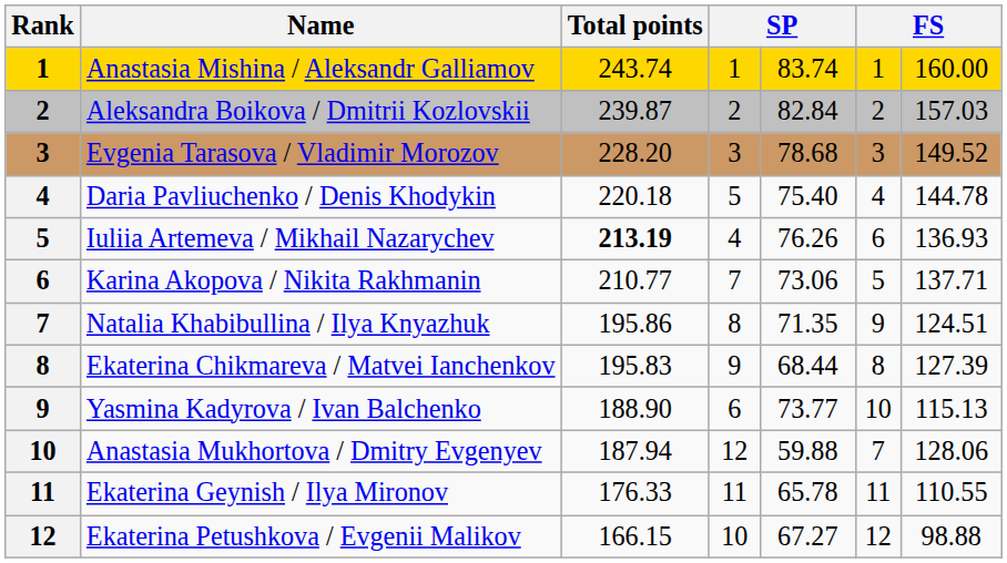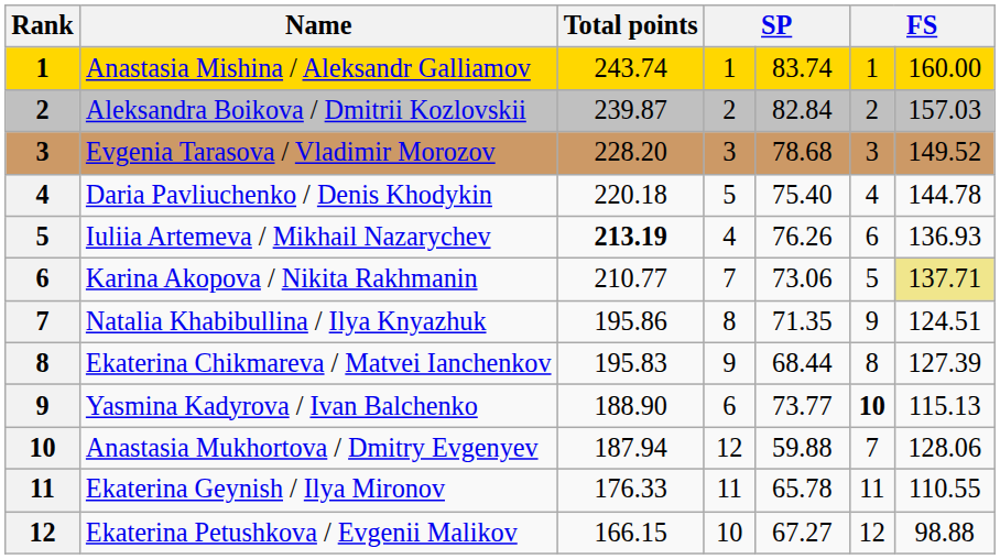 <table class="wikitable sortable">
 <tr>
 <th>Rank</th>
 <th>Name</th>
 <th>Total points</th>
 <th colspan="2" width="80px"><a href='#'>SP</a></th>
 <th colspan="2" width="80px"><a href='#'>FS</a></th>
 </tr>
 <tr bgcolor="gold">
 <td align="center"><strong>1</strong></td>
 <td><a href='#'>Anastasia Mishina</a> / <a href='#'>Aleksandr Galliamov</a></td>
 <td align="center">243.74</td>
 <td align="center">1</td>
 <td align="center">83.74</td>
 <td align="center">1</td>
 <td align="center">160.00</td>
 </tr>
 <tr bgcolor="silver">
 <td align="center"><strong>2</strong></td>
 <td><a href='#'>Aleksandra Boikova</a> / <a href='#'>Dmitrii Kozlovskii</a></td>
 <td align="center">239.87</td>
 <td align="center">2</td>
 <td align="center">82.84</td>
 <td align="center">2</td>
 <td align="center">157.03</td>
 </tr>
 <tr bgcolor="cc9966">
 <td align="center"><strong>3</strong></td>
 <td><a href='#'>Evgenia Tarasova</a> / <a href='#'>Vladimir Morozov</a></td>
 <td align="center">228.20</td>
 <td align="center">3</td>
 <td align="center">78.68</td>
 <td align="center">3</td>
 <td align="center">149.52</td>
 </tr>
 <tr>
 <th>4</th>
 <td><a href='#'>Daria Pavliuchenko</a> / <a href='#'>Denis Khodykin</a></td>
 <td align="center">220.18</td>
 <td align="center">5</td>
 <td align="center">75.40</td>
 <td align="center">4</td>
 <td align="center">144.78</td>
 </tr>
 <tr>
 <th>5</th>
 <td><a href='#'>Iuliia Artemeva</a> / <a href='#'>Mikhail Nazarychev</a></td>
 <td align="center"><strong>213.19</strong></td>
 <td align="center">4</td>
 <td align="center">76.26</td>
 <td align="center">6</td>
 <td align="center">136.93</td>
 </tr>
 <tr>
 <th>6</th>
 <td><a href='#'>Karina Akopova</a> / <a href='#'>Nikita Rakhmanin</a></td>
 <td align="center">210.77</td>
 <td align="center">7</td>
 <td align="center">73.06</td>
 <td align="center">5</td>
-<td align="center">137.71</td>
+<td align="center" style="background: khaki;">137.71</td>
 </tr>
 <tr>
 <th>7</th>
 <td><a href='#'>Natalia Khabibullina</a> / <a href='#'>Ilya Knyazhuk</a></td>
 <td align="center">195.86</td>
 <td align="center">8</td>
 <td align="center">71.35</td>
 <td align="center">9</td>
 <td align="center">124.51</td>
 </tr>
 <tr>
 <th>8</th>
 <td><a href='#'>Ekaterina Chikmareva</a> / <a href='#'>Matvei Ianchenkov</a></td>
 <td align="center">195.83</td>
 <td align="center">9</td>
 <td align="center">68.44</td>
 <td align="center">8</td>
 <td align="center">127.39</td>
 </tr>
 <tr>
 <th>9</th>
 <td><a href='#'>Yasmina Kadyrova</a> / <a href='#'>Ivan Balchenko</a></td>
 <td align="center">188.90</td>
 <td align="center">6</td>
 <td align="center">73.77</td>
-<td align="center">10</td>
+<td align="center"><strong>10</strong></td>
 <td align="center">115.13</td>
 </tr>
 <tr>
 <th>10</th>
 <td><a href='#'>Anastasia Mukhortova</a> / <a href='#'>Dmitry Evgenyev</a></td>
 <td align="center">187.94</td>
 <td align="center">12</td>
 <td align="center">59.88</td>
 <td align="center">7</td>
 <td align="center">128.06</td>
 </tr>
 <tr>
 <th>11</th>
 <td><a href='#'>Ekaterina Geynish</a> / <a href='#'>Ilya Mironov</a></td>
 <td align="center">176.33</td>
 <td align="center">11</td>
 <td align="center">65.78</td>
 <td align="center">11</td>
 <td align="center">110.55</td>
 </tr>
 <tr>
 <th>12</th>
 <td><a href='#'>Ekaterina Petushkova</a> / <a href='#'>Evgenii Malikov</a></td>
 <td align="center">166.15</td>
 <td align="center">10</td>
 <td align="center">67.27</td>
 <td align="center">12</td>
 <td align="center">98.88</td>
 </tr>
 </table>
